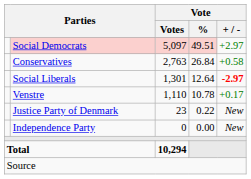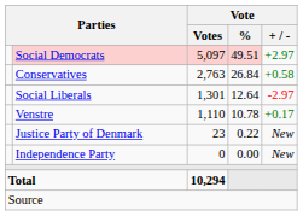 <table class="wikitable" style="text-align:right;">
 <tr>
 <th style="text-align:centre;" rowspan="2" colspan="2" width="225">Parties</th>
 <th colspan="3">Vote</th>
 </tr>
 <tr>
 <th width="15">Votes</th>
 <th width="15">%</th>
 <th width="15">+ / -</th>
 </tr>
 <tr>
 <td width="2" style="color:inherit;background:"></td>
 <td bgcolor=#fbd0ce  align="left"><a href='#'>Social Democrats</a></td>
 <td bgcolor=#fbd0ce>5,097</td>
 <td bgcolor=#fbd0ce>49.51</td>
 <td style=color:green;>+2.97</td>
 </tr>
 <tr>
 <td width="2" style="color:inherit;background:"></td>
 <td align="left"><a href='#'>Conservatives</a></td>
 <td>2,763</td>
 <td>26.84</td>
 <td style=color:green;>+0.58</td>
 </tr>
 <tr>
 <td width="2" style="color:inherit;background:"></td>
 <td align="left"><a href='#'>Social Liberals</a></td>
 <td>1,301</td>
 <td>12.64</td>
-<td style=color:red;><strong>-2.97</strong></td>
+<td style=color:red;>-2.97</td>
 </tr>
 <tr>
 <td width="2" style="color:inherit;background:"></td>
 <td align="left"><a href='#'>Venstre</a></td>
 <td>1,110</td>
 <td>10.78</td>
 <td style=color:green;>+0.17</td>
 </tr>
 <tr>
 <td width="2" style="color:inherit;background:"></td>
 <td align="left"><a href='#'>Justice Party of Denmark</a></td>
 <td>23</td>
 <td>0.22</td>
 <td><em>New</em></td>
 </tr>
 <tr>
 <td width="2" style="color:inherit;background:"></td>
 <td align="left"><a href='#'>Independence Party</a></td>
 <td>0</td>
 <td>0.00</td>
 <td><em>New</em></td>
 </tr>
 <tr>
 <td colspan="7" bgcolor="#E9E9E9"></td>
 </tr>
 <tr>
 <td align="left" colspan="2"><strong>Total</strong></td>
 <td><strong>10,294</strong></td>
 <td bgcolor="#E9E9E9" colspan="2"></td>
 </tr>
 <tr>
 <td align="left" colspan="6">Source</td>
 </tr>
 </table>
